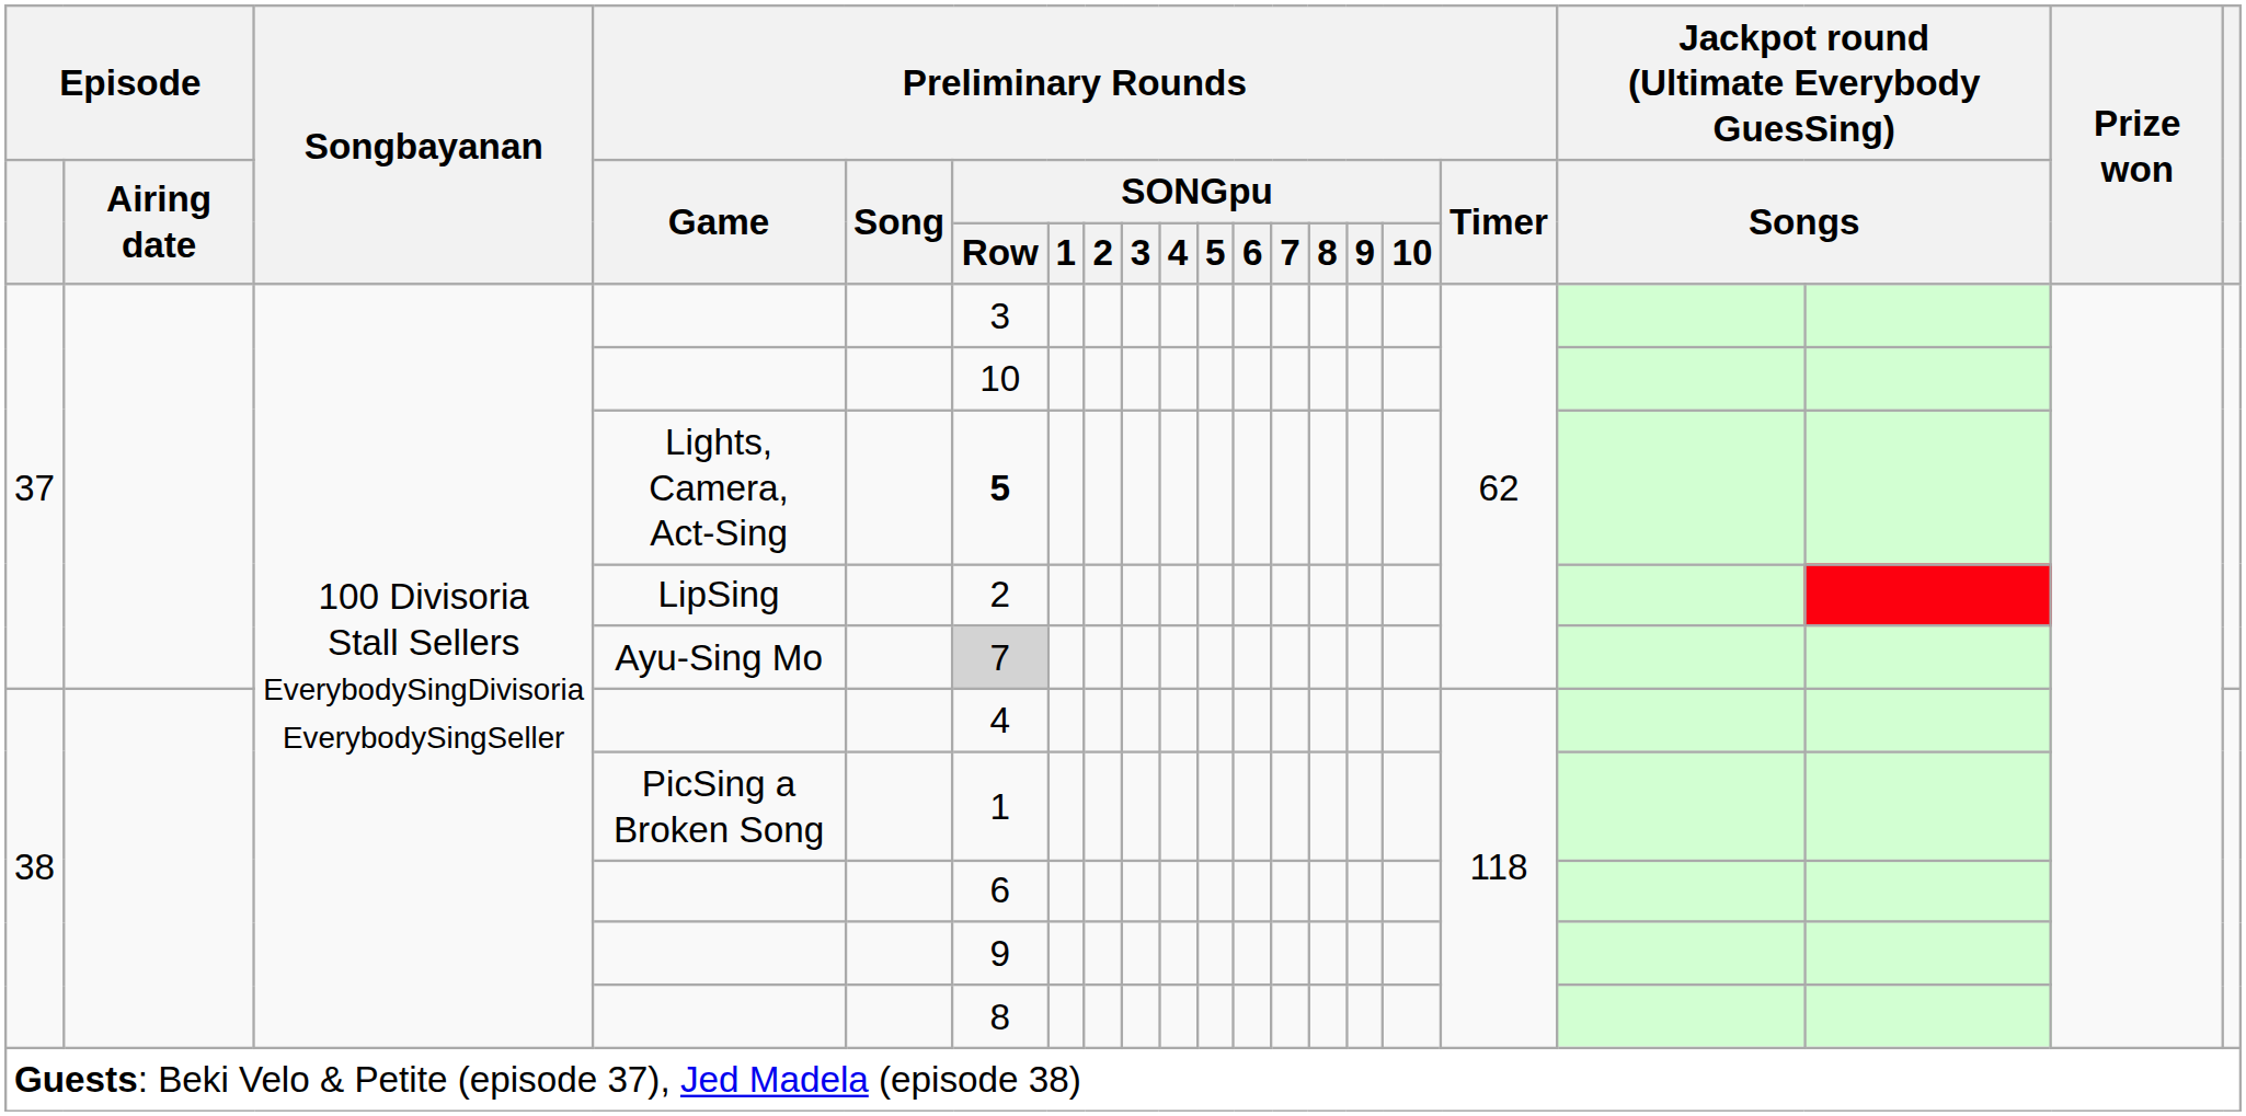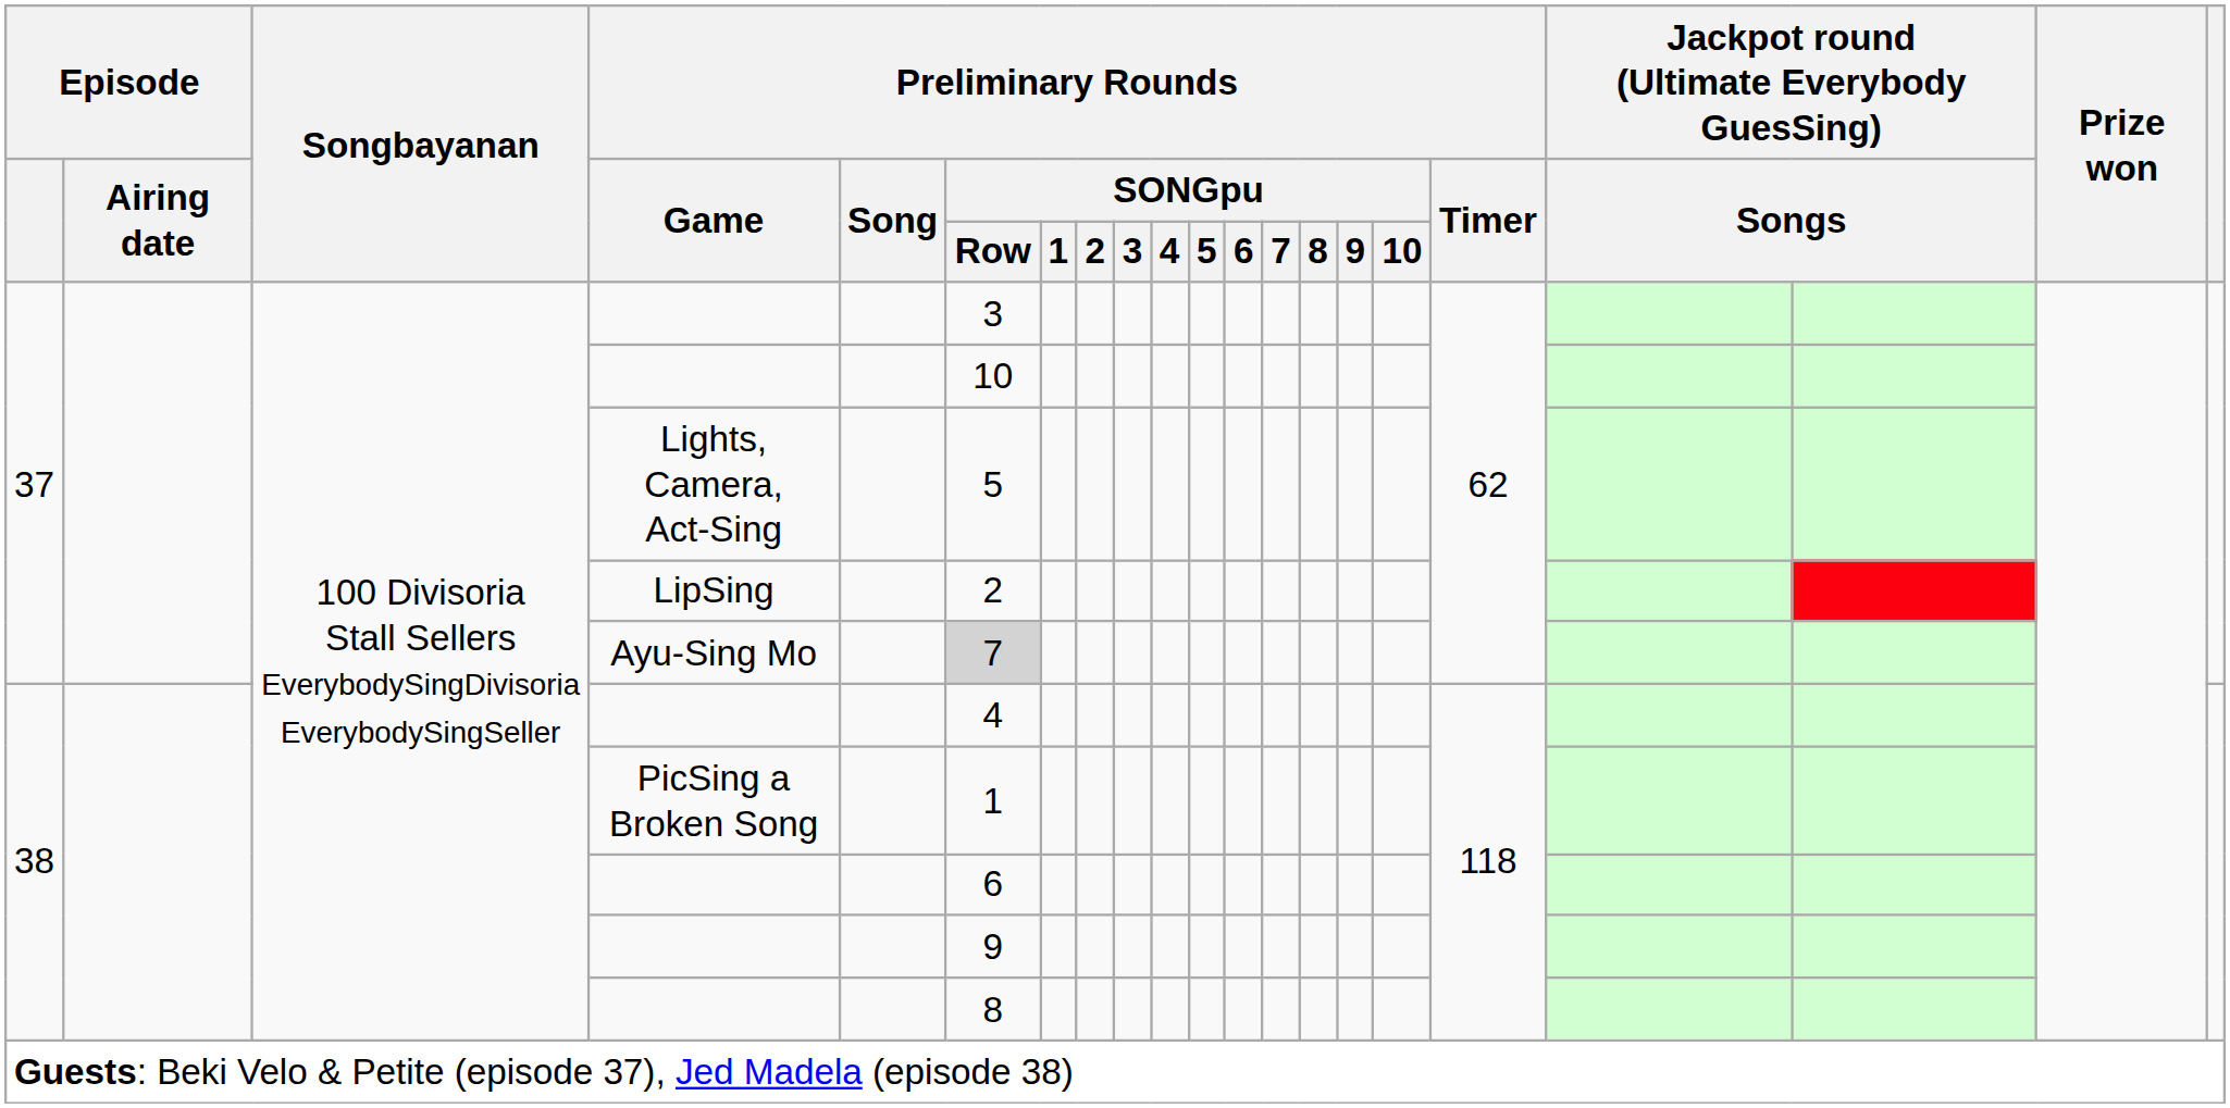 <table class="wikitable mw-collapsible mw-collapsed" style="text-align:center; font-size:90%; line-height:18px;" width="100%">
 <tr>
 <th colspan=2>Episode</th>
 <th rowspan=3>Songbayanan</th>
 <th colspan=14>Preliminary Rounds</th>
 <th colspan=2>Jackpot round<br><strong>(Ultimate Everybody GuesSing)</strong></th>
 <th rowspan=3>Prize won</th>
 <th rowspan=3></th>
 </tr>
 <tr>
 <th rowspan=2></th>
 <th rowspan=2>Airing date</th>
 <th rowspan=2>Game</th>
 <th rowspan=2>Song</th>
 <th colspan=11>SONGpu</th>
 <th rowspan=2>Timer</th>
 <th colspan=2 rowspan=2>Songs</th>
 </tr>
 <tr>
 <th>Row</th>
 <th>1</th>
 <th>2</th>
 <th>3</th>
 <th>4</th>
 <th>5</th>
 <th>6</th>
 <th>7</th>
 <th>8</th>
 <th>9</th>
 <th>10</th>
 </tr>
 <tr>
 <td rowspan=5>37</td>
 <td rowspan=5></td>
 <td rowspan=10>100 Divisoria<br>Stall Sellers<br><small>EverybodySingDivisoria<br>EverybodySingSeller</small></td>
 <td></td>
 <td></td>
 <td>3</td>
 <td></td>
 <td></td>
 <td></td>
 <td></td>
 <td></td>
 <td></td>
 <td></td>
 <td></td>
 <td></td>
 <td></td>
 <td rowspan=5>62<br></td>
 <td bgcolor=D2FFD2></td>
 <td bgcolor=D2FFD2></td>
 <td rowspan=10></td>
 <td rowspan=5><br></td>
 </tr>
 <tr>
 <td></td>
 <td></td>
 <td>10</td>
 <td></td>
 <td></td>
 <td></td>
 <td></td>
 <td></td>
 <td></td>
 <td></td>
 <td></td>
 <td></td>
 <td></td>
 <td bgcolor=D2FFD2></td>
 <td bgcolor=D2FFD2></td>
 </tr>
 <tr>
 <td>Lights, Camera,<br>Act-Sing</td>
 <td></td>
-<td><strong>5</strong></td>
+<td>5</td>
 <td></td>
 <td></td>
 <td></td>
 <td></td>
 <td></td>
 <td></td>
 <td></td>
 <td></td>
 <td></td>
 <td></td>
 <td bgcolor=D2FFD2></td>
 <td bgcolor=D2FFD2></td>
 </tr>
 <tr>
 <td>LipSing</td>
 <td></td>
 <td>2</td>
 <td></td>
 <td></td>
 <td></td>
 <td></td>
 <td></td>
 <td></td>
 <td></td>
 <td></td>
 <td></td>
 <td></td>
 <td bgcolor=D2FFD2></td>
 <td bgcolor="D2FFD2; border:solid 4px #FFD700;"></td>
 </tr>
 <tr>
 <td>Ayu-Sing Mo</td>
 <td></td>
 <td style="background: lightgrey;">7</td>
 <td></td>
 <td></td>
 <td></td>
 <td></td>
 <td></td>
 <td></td>
 <td></td>
 <td></td>
 <td></td>
 <td></td>
 <td bgcolor=D2FFD2></td>
 <td bgcolor=D2FFD2></td>
 </tr>
 <tr>
 <td rowspan=5>38</td>
 <td rowspan=5></td>
 <td></td>
 <td></td>
 <td>4</td>
 <td></td>
 <td></td>
 <td></td>
 <td></td>
 <td></td>
 <td></td>
 <td></td>
 <td></td>
 <td></td>
 <td></td>
 <td rowspan=5>118<br></td>
 <td bgcolor=D2FFD2></td>
 <td bgcolor=D2FFD2></td>
 <td rowspan=5><br></td>
 </tr>
 <tr>
 <td>PicSing a<br>Broken Song</td>
 <td></td>
 <td>1</td>
 <td></td>
 <td></td>
 <td></td>
 <td></td>
 <td></td>
 <td></td>
 <td></td>
 <td></td>
 <td></td>
 <td></td>
 <td bgcolor=D2FFD2></td>
 <td bgcolor=D2FFD2></td>
 </tr>
 <tr>
 <td></td>
 <td></td>
 <td>6</td>
 <td></td>
 <td></td>
 <td></td>
 <td></td>
 <td></td>
 <td></td>
 <td></td>
 <td></td>
 <td></td>
 <td></td>
 <td bgcolor=D2FFD2></td>
 <td bgcolor=D2FFD2></td>
 </tr>
 <tr>
 <td></td>
 <td></td>
 <td>9</td>
 <td></td>
 <td></td>
 <td></td>
 <td></td>
 <td></td>
 <td></td>
 <td></td>
 <td></td>
 <td></td>
 <td></td>
 <td bgcolor=D2FFD2></td>
 <td bgcolor=D2FFD2></td>
 </tr>
 <tr>
 <td></td>
 <td></td>
 <td>8</td>
 <td></td>
 <td></td>
 <td></td>
 <td></td>
 <td></td>
 <td></td>
 <td></td>
 <td></td>
 <td></td>
 <td></td>
 <td bgcolor=D2FFD2></td>
 <td bgcolor=D2FFD2></td>
 </tr>
 <tr>
 <td colspan=21 style="background:white;" align="left"><strong>Guests</strong>: Beki Velo & Petite (episode 37), <a href='#'>Jed Madela</a> (episode 38)</td>
 </tr>
 </table>
